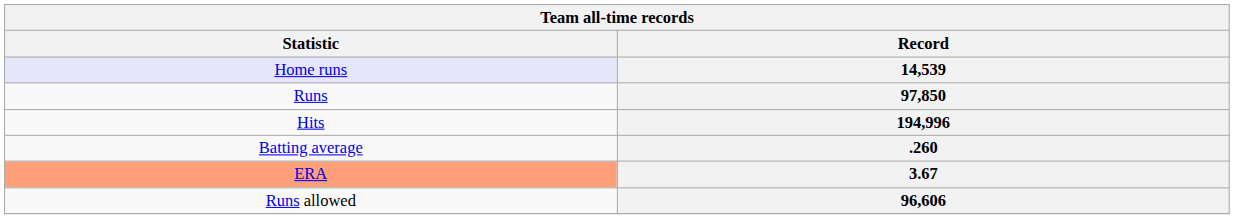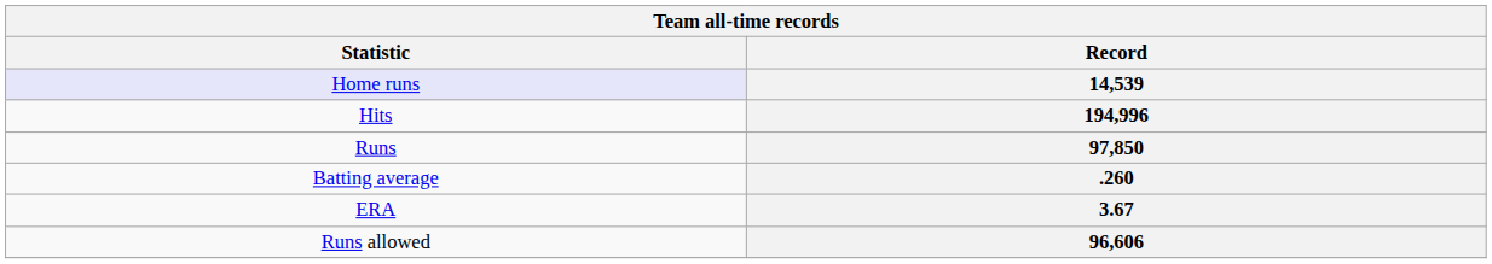 <table class="wikitable" style="text-align:center" width="60%">
 <tr>
 <th colspan=2>Team all-time records</th>
 </tr>
 <tr>
 <th scope="col" width=10%>Statistic</th>
 <th scope="col" class="unsortable" width=10%>Record</th>
 </tr>
 <tr>
 <td style="background: lavender;"><a href='#'>Home runs</a></td>
 <th scope="row">14,539</th>
 </tr>
 <tr>
+<td><a href='#'>Hits</a></td>
+<th scope="row">194,996</th>
+</tr>
+<tr>
 <td><a href='#'>Runs</a></td>
 <th scope="row">97,850</th>
-</tr>
-<tr>
-<td><a href='#'>Hits</a></td>
-<th scope="row">194,996</th>
 </tr>
 <tr>
 <td><a href='#'>Batting average</a></td>
 <th scope="row">.260</th>
 </tr>
 <tr>
-<td style="background: lightsalmon;"><a href='#'>ERA</a></td>
+<td><a href='#'>ERA</a></td>
 <th scope="row">3.67</th>
 </tr>
 <tr>
 <td><a href='#'>Runs</a> allowed</td>
 <th scope="row">96,606</th>
 </tr>
 <tr>
 </tr>
 </table>
